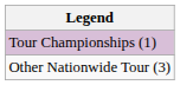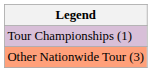 <table class="wikitable" style="font-size:95%;">
 <tr>
 <th>Legend</th>
 </tr>
 <tr style="background:thistle;">
 <td>Tour Championships (1)</td>
 </tr>
 <tr>
-<td>Other Nationwide Tour (3)</td>
+<td style="background: lightsalmon;">Other Nationwide Tour (3)</td>
 </tr>
 </table>
